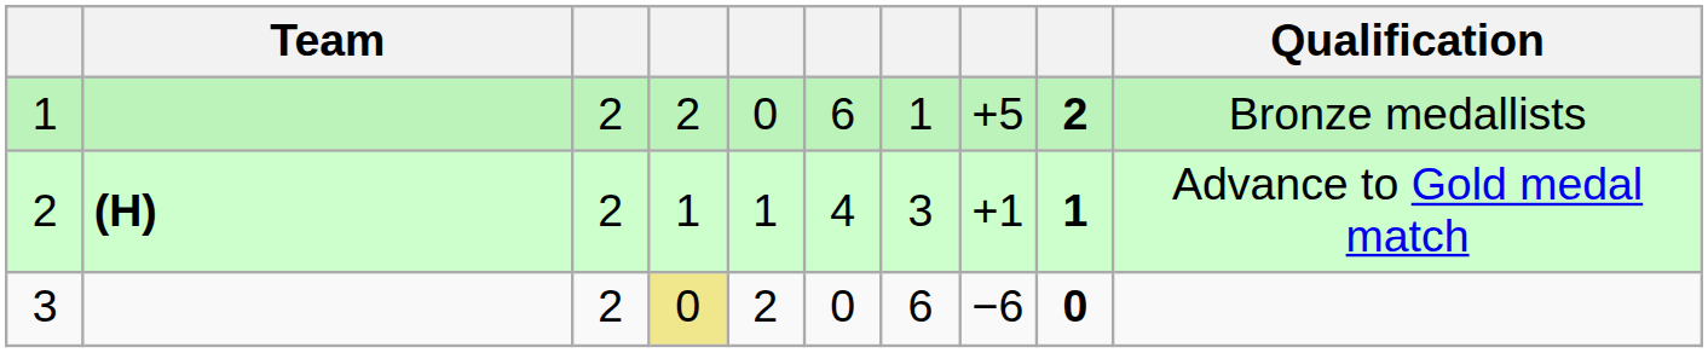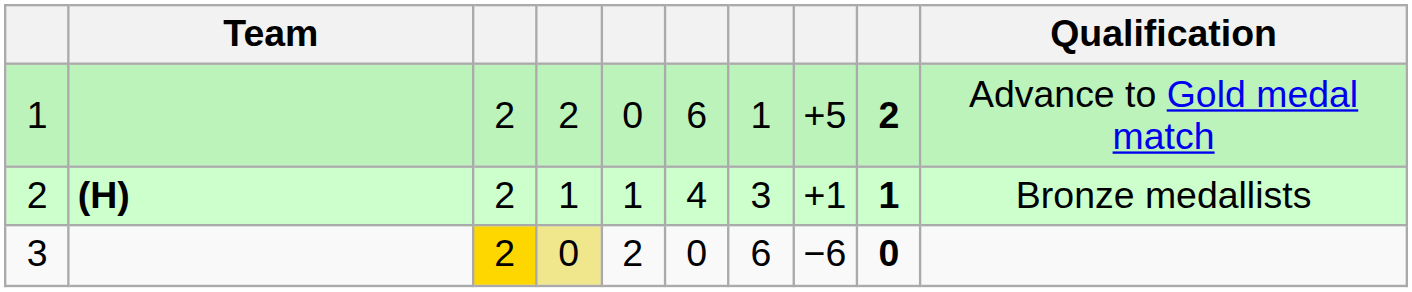 <table class="wikitable" style="text-align:center;">
 <tr>
 <th width=20></th>
 <th width=165>Team</th>
 <th width=20></th>
 <th width=20></th>
 <th width=20></th>
 <th width=20></th>
 <th width=20></th>
 <th width=20></th>
 <th width=20></th>
 <th width=200>Qualification</th>
 </tr>
 <tr bgcolor=bbf3bb>
 <td>1</td>
 <td align="left"></td>
 <td>2</td>
 <td>2</td>
 <td>0</td>
 <td>6</td>
 <td>1</td>
 <td>+5</td>
 <td><strong>2</strong></td>
-<td>Bronze medallists</td>
+<td>Advance to <a href='#'>Gold medal match</a></td>
 </tr>
 <tr bgcolor=ccffcc>
 <td>2</td>
 <td align="left"> <strong>(H)</strong></td>
 <td>2</td>
 <td>1</td>
 <td>1</td>
 <td>4</td>
 <td>3</td>
 <td>+1</td>
 <td><strong>1</strong></td>
-<td>Advance to <a href='#'>Gold medal match</a></td>
+<td>Bronze medallists</td>
 </tr>
 <tr>
 <td>3</td>
 <td align="left"></td>
-<td>2</td>
+<td style="background: gold;">2</td>
 <td style="background: khaki;">0</td>
 <td>2</td>
 <td>0</td>
 <td>6</td>
 <td>−6</td>
 <td><strong>0</strong></td>
 <td></td>
 </tr>
 </table>
